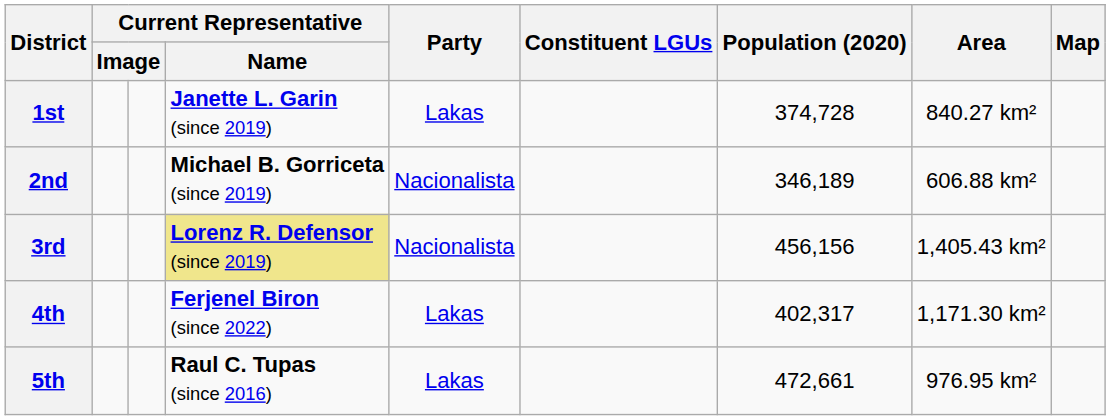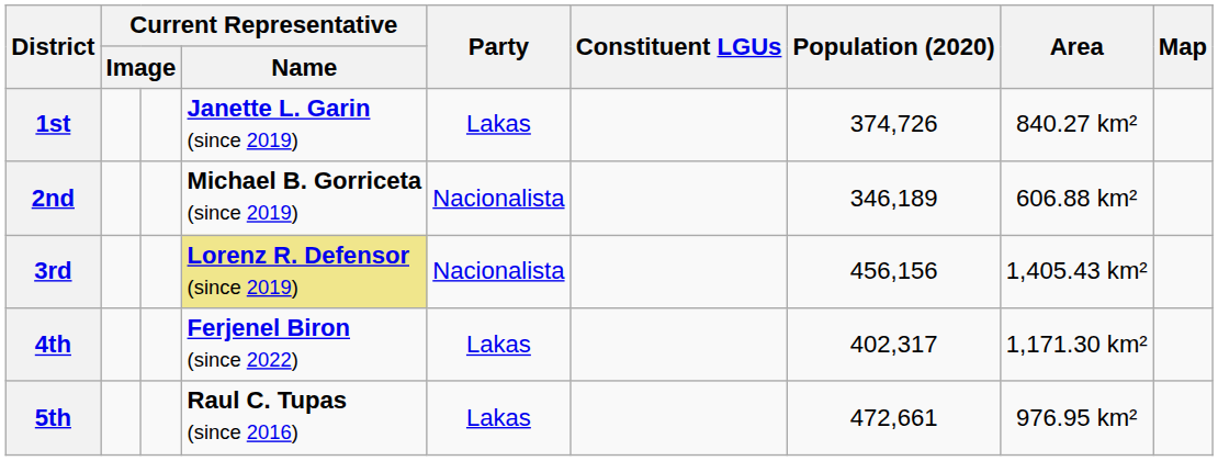 <table class="wikitable sortable" style="margin: 1em auto; font-size:100%; line-height:20px; text-align:center">
 <tr>
 <th rowspan="2">District</th>
 <th colspan="3">Current Representative</th>
 <th rowspan="2">Party</th>
 <th rowspan="2">Constituent <a href='#'>LGUs</a></th>
 <th rowspan="2">Population (2020)</th>
 <th rowspan="2">Area</th>
 <th rowspan="2">Map</th>
 </tr>
 <tr>
 <th colspan="2">Image</th>
 <th>Name</th>
 </tr>
 <tr>
 <th><a href='#'>1st</a></th>
 <td style="background:"></td>
 <td></td>
 <td style="text-align:left;"><strong><a href='#'>Janette L. Garin</a></strong><br><small>(since <a href='#'>2019</a>)</small></td>
 <td><a href='#'>Lakas</a></td>
 <td></td>
-<td>374,728</td>
+<td>374,726</td>
 <td>840.27 km²</td>
 <td></td>
 </tr>
 <tr>
 <th><a href='#'>2nd</a></th>
 <td style="background:"></td>
 <td></td>
 <td style="text-align:left;"><strong>Michael B. Gorriceta</strong><br><small>(since <a href='#'>2019</a>)</small></td>
 <td><a href='#'>Nacionalista</a></td>
 <td></td>
 <td>346,189</td>
 <td>606.88 km²</td>
 <td></td>
 </tr>
 <tr>
 <th><a href='#'>3rd</a></th>
 <td style="background:"></td>
 <td></td>
 <td style="background: khaki; text-align:left;"><strong><a href='#'>Lorenz R. Defensor</a></strong><br><small>(since <a href='#'>2019</a>)</small></td>
 <td><a href='#'>Nacionalista</a></td>
 <td></td>
 <td>456,156</td>
 <td>1,405.43 km²</td>
 <td></td>
 </tr>
 <tr>
 <th><a href='#'>4th</a></th>
 <td style="background:"></td>
 <td></td>
 <td style="text-align:left;"><strong><a href='#'>Ferjenel Biron</a></strong><br><small>(since <a href='#'>2022</a>)</small></td>
 <td><a href='#'>Lakas</a></td>
 <td></td>
 <td>402,317</td>
 <td>1,171.30 km²</td>
 <td></td>
 </tr>
 <tr>
 <th><a href='#'>5th</a></th>
 <td style="background:"></td>
 <td></td>
 <td style="text-align:left;"><strong>Raul C. Tupas</strong><br><small>(since <a href='#'>2016</a>)</small></td>
 <td><a href='#'>Lakas</a></td>
 <td></td>
 <td>472,661</td>
 <td>976.95 km²</td>
 <td></td>
 </tr>
 </table>
